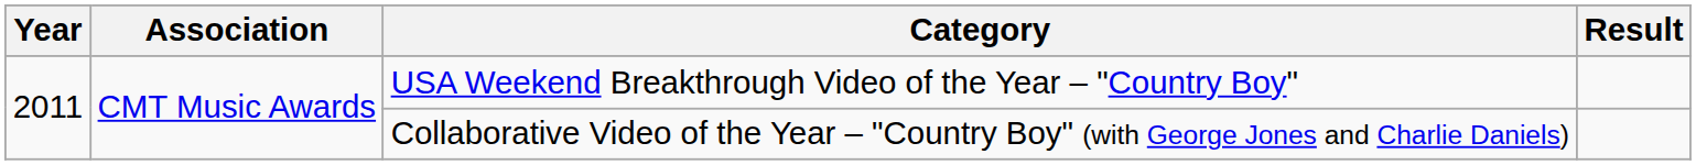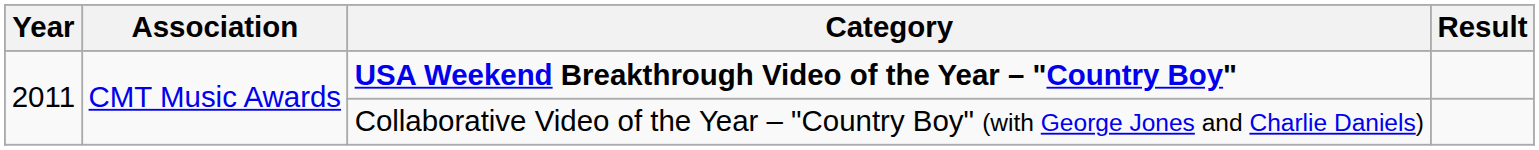 <table class="wikitable">
 <tr>
 <th>Year</th>
 <th>Association</th>
 <th>Category</th>
 <th>Result</th>
 </tr>
 <tr>
 <td rowspan="2">2011</td>
 <td rowspan="2"><a href='#'>CMT Music Awards</a></td>
-<td><a href='#'>USA Weekend</a> Breakthrough Video of the Year – "<a href='#'>Country Boy</a>"</td>
+<td><strong><a href='#'>USA Weekend</a> Breakthrough Video of the Year – "<a href='#'>Country Boy</a>"</strong></td>
 <td></td>
 </tr>
 <tr>
 <td>Collaborative Video of the Year – "Country Boy" <small>(with <a href='#'>George Jones</a> and <a href='#'>Charlie Daniels</a>)</small></td>
 <td></td>
 </tr>
 </table>
